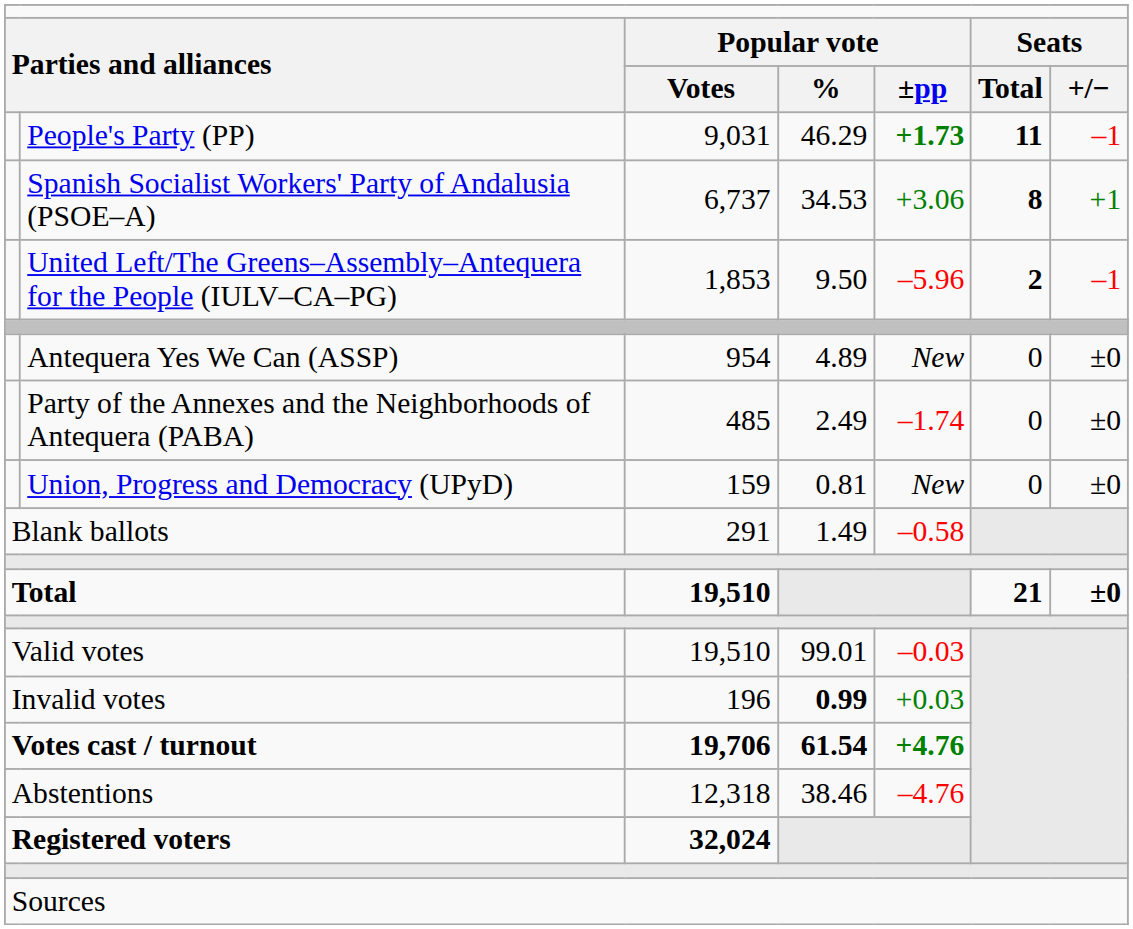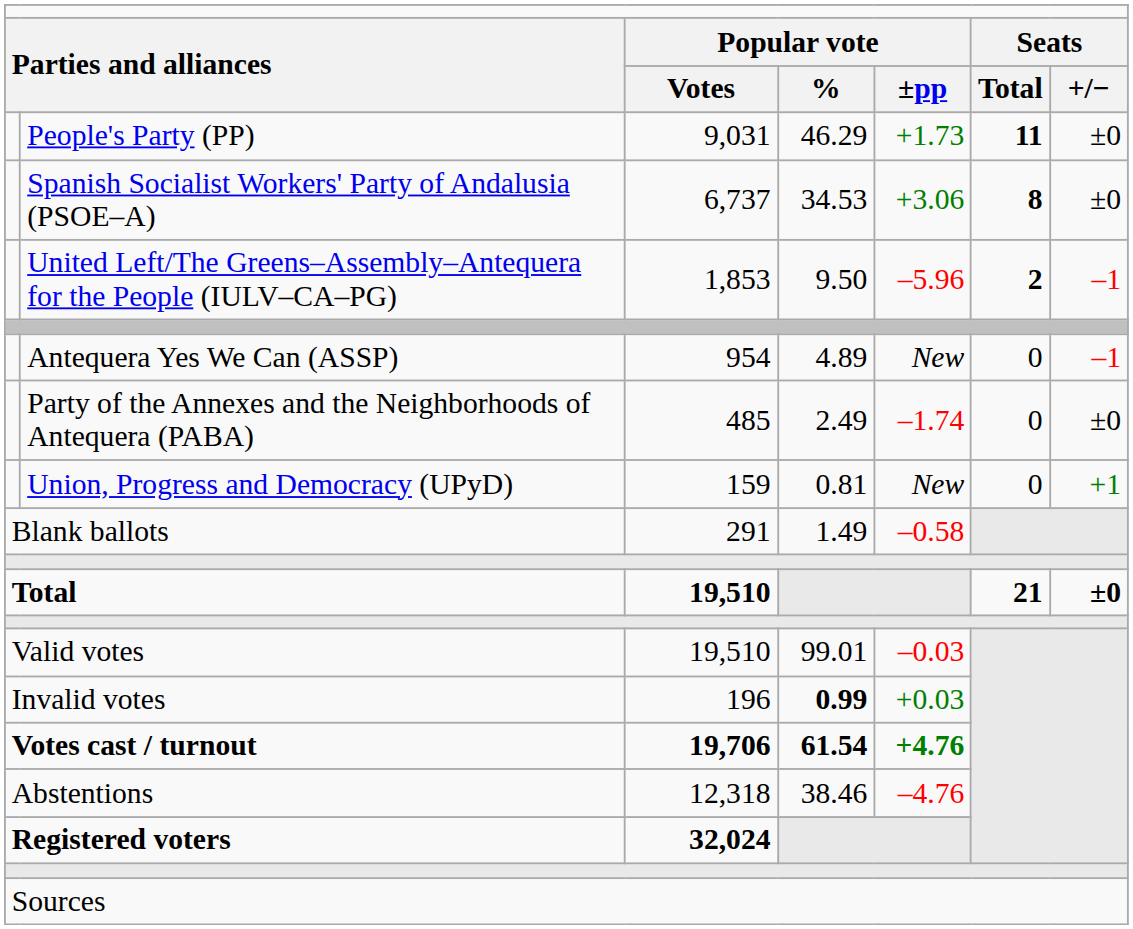 <table class="wikitable" style="text-align:right;">
 <tr>
 <td colspan="7"></td>
 </tr>
 <tr>
 <th style="text-align:left;" rowspan="2" colspan="2" width="525">Parties and alliances</th>
 <th colspan="3">Popular vote</th>
 <th colspan="2">Seats</th>
 </tr>
 <tr>
 <th width="75">Votes</th>
 <th width="45">%</th>
 <th width="45">±<a href='#'>pp</a></th>
 <th width="35">Total</th>
 <th width="35">+/−</th>
 </tr>
 <tr>
 <td width="1" style="color:inherit;background:"></td>
 <td align="left"><a href='#'>People's Party</a> (PP)</td>
 <td>9,031</td>
 <td>46.29</td>
-<td style="color:green;"><strong>+1.73</strong></td>
+<td style="color:green;">+1.73</td>
 <td><strong>11</strong></td>
-<td style="color:red;">–1</td>
+<td>±0</td>
 </tr>
 <tr>
 <td style="color:inherit;background:"></td>
 <td align="left"><a href='#'>Spanish Socialist Workers' Party of Andalusia</a> (PSOE–A)</td>
 <td>6,737</td>
 <td>34.53</td>
 <td style="color:green;">+3.06</td>
 <td><strong>8</strong></td>
-<td style="color:green;">+1</td>
+<td>±0</td>
 </tr>
 <tr>
 <td style="color:inherit;background:"></td>
 <td align="left"><a href='#'>United Left/The Greens–Assembly–Antequera for the People</a> (IULV–CA–PG)</td>
 <td>1,853</td>
 <td>9.50</td>
 <td style="color:red;">–5.96</td>
 <td><strong>2</strong></td>
 <td style="color:red;">–1</td>
 </tr>
 <tr>
 <td colspan="7" bgcolor="#C0C0C0"></td>
 </tr>
 <tr>
 <td style="color:inherit;background:"></td>
 <td align="left">Antequera Yes We Can (ASSP)</td>
 <td>954</td>
 <td>4.89</td>
 <td><em>New</em></td>
 <td>0</td>
-<td>±0</td>
+<td style="color:red;">–1</td>
 </tr>
 <tr>
 <td style="color:inherit;background:"></td>
 <td align="left">Party of the Annexes and the Neighborhoods of Antequera (PABA)</td>
 <td>485</td>
 <td>2.49</td>
 <td style="color:red;">–1.74</td>
 <td>0</td>
 <td>±0</td>
 </tr>
 <tr>
 <td style="color:inherit;background:"></td>
 <td align="left"><a href='#'>Union, Progress and Democracy</a> (UPyD)</td>
 <td>159</td>
 <td>0.81</td>
 <td><em>New</em></td>
 <td>0</td>
-<td>±0</td>
+<td style="color:green;">+1</td>
 </tr>
 <tr>
 <td align="left" colspan="2">Blank ballots</td>
 <td>291</td>
 <td>1.49</td>
 <td style="color:red;">–0.58</td>
 <td bgcolor="#E9E9E9" colspan="2"></td>
 </tr>
 <tr>
 <td colspan="7" bgcolor="#E9E9E9"></td>
 </tr>
 <tr style="font-weight:bold;">
 <td align="left" colspan="2">Total</td>
 <td>19,510</td>
 <td bgcolor="#E9E9E9" colspan="2"></td>
 <td>21</td>
 <td>±0</td>
 </tr>
 <tr>
 <td colspan="7" bgcolor="#E9E9E9"></td>
 </tr>
 <tr>
 <td align="left" colspan="2">Valid votes</td>
 <td>19,510</td>
 <td>99.01</td>
 <td style="color:red;">–0.03</td>
 <td bgcolor="#E9E9E9" colspan="2" rowspan="5"></td>
 </tr>
 <tr>
 <td align="left" colspan="2">Invalid votes</td>
 <td>196</td>
 <td><strong>0.99</strong></td>
 <td style="color:green;">+0.03</td>
 </tr>
 <tr style="font-weight:bold;">
 <td align="left" colspan="2">Votes cast / turnout</td>
 <td>19,706</td>
 <td>61.54</td>
 <td style="color:green;">+4.76</td>
 </tr>
 <tr>
 <td align="left" colspan="2">Abstentions</td>
 <td>12,318</td>
 <td>38.46</td>
 <td style="color:red;">–4.76</td>
 </tr>
 <tr style="font-weight:bold;">
 <td align="left" colspan="2">Registered voters</td>
 <td>32,024</td>
 <td bgcolor="#E9E9E9" colspan="2"></td>
 </tr>
 <tr>
 <td colspan="7" bgcolor="#E9E9E9"></td>
 </tr>
 <tr>
 <td align="left" colspan="7">Sources</td>
 </tr>
 </table>
